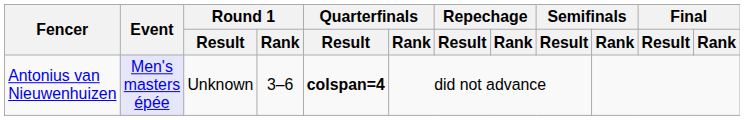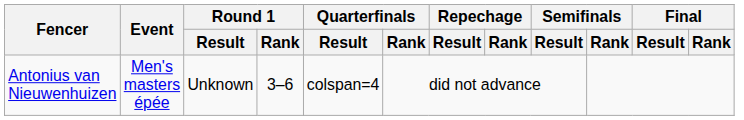 <table class=wikitable>
 <tr>
 <th rowspan=2>Fencer</th>
 <th rowspan=2>Event</th>
 <th colspan=2>Round 1</th>
 <th colspan=2>Quarterfinals</th>
 <th colspan=2>Repechage</th>
 <th colspan=2>Semifinals</th>
 <th colspan=2>Final</th>
 </tr>
 <tr>
 <th>Result</th>
 <th>Rank</th>
 <th>Result</th>
 <th>Rank</th>
 <th>Result</th>
 <th>Rank</th>
 <th>Result</th>
 <th>Rank</th>
 <th>Result</th>
 <th>Rank</th>
 </tr>
 <tr align=center>
 <td align=left><a href='#'>Antonius van Nieuwenhuizen</a></td>
-<td style="background: lavender;"><a href='#'>Men's masters épée</a></td>
+<td><a href='#'>Men's masters épée</a></td>
 <td>Unknown</td>
 <td>3–6</td>
-<td><strong>colspan=4 </strong></td>
+<td>colspan=4 </td>
 <td colspan=4>did not advance</td>
 </tr>
 </table>
